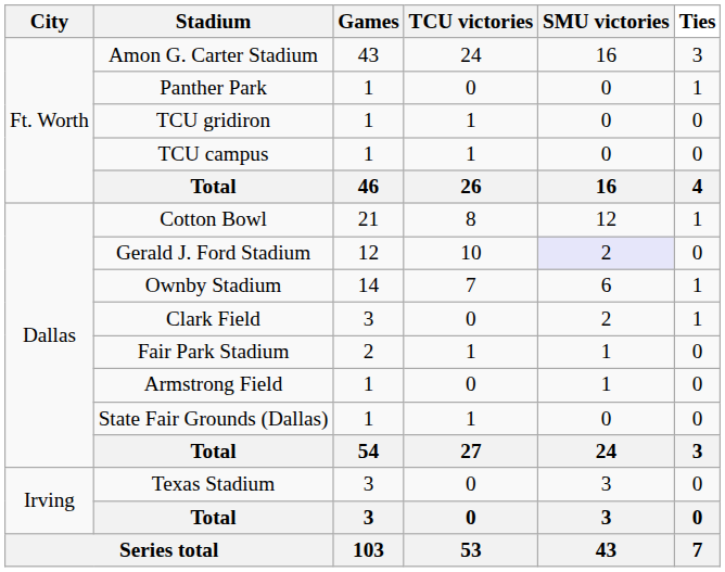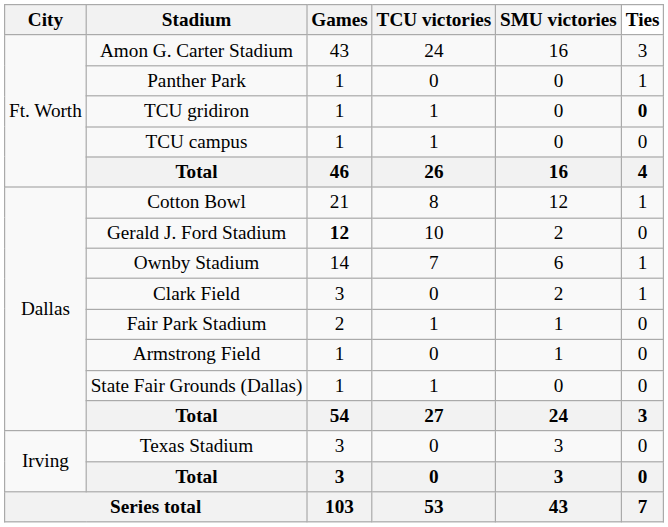 <table class="wikitable sortable" style="text-align:center;">
 <tr>
 <th>City</th>
 <th>Stadium</th>
 <th>Games</th>
 <th>TCU victories</th>
 <th>SMU victories</th>
 <th style="text-align:center; background:white; color:black;">Ties</th>
 </tr>
 <tr>
 <td rowspan="5">Ft. Worth</td>
 <td>Amon G. Carter Stadium</td>
 <td>43</td>
 <td>24</td>
 <td>16</td>
 <td>3</td>
 </tr>
 <tr>
 <td>Panther Park</td>
 <td>1</td>
 <td>0</td>
 <td>0</td>
 <td>1</td>
 </tr>
 <tr>
 <td>TCU gridiron</td>
 <td>1</td>
 <td>1</td>
 <td>0</td>
-<td>0</td>
+<td><strong>0</strong></td>
 </tr>
 <tr>
 <td>TCU campus</td>
 <td>1</td>
 <td>1</td>
 <td>0</td>
 <td>0</td>
 </tr>
 <tr>
 <th>Total</th>
 <th><strong>46</strong></th>
 <th><strong>26</strong></th>
 <th><strong>16</strong></th>
 <th><strong>4</strong></th>
 </tr>
 <tr>
 <td rowspan="8">Dallas</td>
 <td>Cotton Bowl</td>
 <td style="text-align:center;">21</td>
 <td style="text-align:center;">8</td>
 <td style="text-align:center;">12</td>
 <td style="text-align:center;">1</td>
 </tr>
 <tr>
 <td>Gerald J. Ford Stadium</td>
-<td style="text-align:center;">12</td>
+<td style="text-align:center;"><strong>12</strong></td>
 <td style="text-align:center;">10</td>
-<td style="background: lavender; text-align:center;">2</td>
+<td style="text-align:center;">2</td>
 <td style="text-align:center;">0</td>
 </tr>
 <tr>
 <td>Ownby Stadium</td>
 <td>14</td>
 <td>7</td>
 <td>6</td>
 <td>1</td>
 </tr>
 <tr>
 <td>Clark Field</td>
 <td>3</td>
 <td>0</td>
 <td>2</td>
 <td>1</td>
 </tr>
 <tr>
 <td>Fair Park Stadium</td>
 <td>2</td>
 <td>1</td>
 <td>1</td>
 <td>0</td>
 </tr>
 <tr>
 <td>Armstrong Field</td>
 <td>1</td>
 <td>0</td>
 <td>1</td>
 <td>0</td>
 </tr>
 <tr>
 <td>State Fair Grounds (Dallas)</td>
 <td>1</td>
 <td>1</td>
 <td>0</td>
 <td>0</td>
 </tr>
 <tr>
 <th>Total</th>
 <th><strong>54</strong></th>
 <th><strong>27</strong></th>
 <th><strong>24</strong></th>
 <th><strong>3</strong></th>
 </tr>
 <tr>
 <td rowspan="2">Irving</td>
 <td>Texas Stadium</td>
 <td style="text-align:center;">3</td>
 <td style="text-align:center;">0</td>
 <td style="text-align:center;">3</td>
 <td style="text-align:center;">0</td>
 </tr>
 <tr>
 <th>Total</th>
 <th>3</th>
 <th>0</th>
 <th>3</th>
 <th>0</th>
 </tr>
 <tr>
 <th colspan="2">Series total</th>
 <th>103</th>
 <th>53</th>
 <th>43</th>
 <th>7</th>
 </tr>
 </table>
